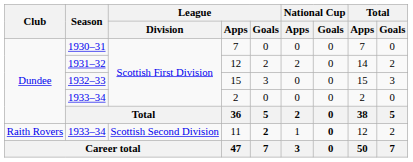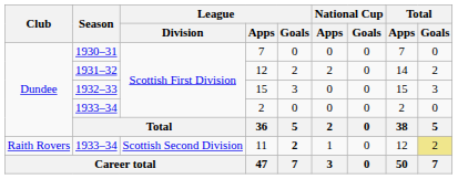 <table class="wikitable" style="text-align:center">
 <tr>
 <th rowspan="2">Club</th>
 <th rowspan="2">Season</th>
 <th colspan="3">League</th>
 <th colspan="2">National Cup</th>
 <th colspan="2">Total</th>
 </tr>
 <tr>
 <th>Division</th>
 <th>Apps</th>
 <th>Goals</th>
 <th>Apps</th>
 <th>Goals</th>
 <th>Apps</th>
 <th>Goals</th>
 </tr>
 <tr>
 <td rowspan="5"><a href='#'>Dundee</a></td>
 <td><a href='#'>1930–31</a></td>
 <td rowspan="4"><a href='#'>Scottish First Division</a></td>
 <td>7</td>
 <td>0</td>
 <td>0</td>
 <td>0</td>
 <td>7</td>
 <td>0</td>
 </tr>
 <tr>
 <td><a href='#'>1931–32</a></td>
 <td>12</td>
 <td>2</td>
 <td>2</td>
 <td>0</td>
 <td>14</td>
 <td>2</td>
 </tr>
 <tr>
 <td><a href='#'>1932–33</a></td>
 <td>15</td>
 <td>3</td>
 <td>0</td>
 <td>0</td>
 <td>15</td>
 <td>3</td>
 </tr>
 <tr>
 <td><a href='#'>1933–34</a></td>
 <td>2</td>
 <td>0</td>
 <td>0</td>
 <td>0</td>
 <td>2</td>
 <td>0</td>
 </tr>
 <tr>
 <th colspan="2">Total</th>
 <th>36</th>
 <th>5</th>
 <th>2</th>
 <th>0</th>
 <th>38</th>
 <th>5</th>
 </tr>
 <tr>
 <td><a href='#'>Raith Rovers</a></td>
 <td><a href='#'>1933–34</a></td>
 <td><a href='#'>Scottish Second Division</a></td>
 <td>11</td>
 <td><strong>2</strong></td>
 <td>1</td>
-<td><strong>0</strong></td>
+<td>0</td>
 <td>12</td>
-<td>2</td>
+<td style="background: khaki;">2</td>
 </tr>
 <tr>
 <th colspan="3">Career total</th>
 <th>47</th>
 <th>7</th>
 <th>3</th>
 <th>0</th>
 <th>50</th>
 <th>7</th>
 </tr>
 </table>
